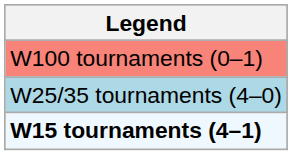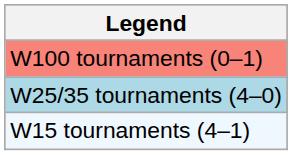 <table class=wikitable style="font-size:85%">
 <tr>
 <th>Legend</th>
 </tr>
 <tr style="background:#f88379;">
 <td>W100 tournaments (0–1)</td>
 </tr>
 <tr style="background:lightblue;">
 <td>W25/35 tournaments (4–0)</td>
 </tr>
 <tr style="background:#f0f8ff;">
-<td><strong>W15 tournaments (4–1)</strong></td>
+<td>W15 tournaments (4–1)</td>
 </tr>
 </table>
